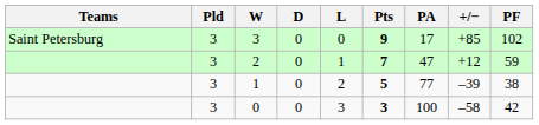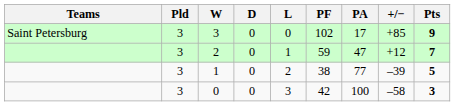 <table class="wikitable" style="text-align: center;">
 <tr>
 <th width="200">Teams</th>
 <th width="40">Pld</th>
 <th width="40">W</th>
 <th width="40">D</th>
 <th width="40">L</th>
-<th width="40">Pts</th>
+<th width="40">PF</th>
 <th width="40">PA</th>
 <th width="40">+/−</th>
-<th width="40">PF</th>
+<th width="40">Pts</th>
 </tr>
 <tr bgcolor=#ccffcc>
 <td align=left>Saint Petersburg</td>
 <td>3</td>
 <td>3</td>
 <td>0</td>
 <td>0</td>
-<td><strong>9</strong></td>
+<td>102</td>
 <td>17</td>
 <td>+85</td>
-<td>102</td>
+<td><strong>9</strong></td>
 </tr>
 <tr bgcolor=#ccffcc>
 <td align=left></td>
 <td>3</td>
 <td>2</td>
 <td>0</td>
 <td>1</td>
-<td><strong>7</strong></td>
+<td>59</td>
 <td>47</td>
 <td>+12</td>
-<td>59</td>
+<td><strong>7</strong></td>
 </tr>
 <tr>
 <td align=left></td>
 <td>3</td>
 <td>1</td>
 <td>0</td>
 <td>2</td>
-<td><strong>5</strong></td>
+<td>38</td>
 <td>77</td>
 <td>–39</td>
-<td>38</td>
+<td><strong>5</strong></td>
 </tr>
 <tr>
 <td align=left></td>
 <td>3</td>
 <td>0</td>
 <td>0</td>
 <td>3</td>
-<td><strong>3</strong></td>
+<td>42</td>
 <td>100</td>
 <td>–58</td>
-<td>42</td>
+<td><strong>3</strong></td>
 </tr>
 </table>
